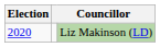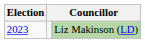 <table class="wikitable">
 <tr>
 <th>Election</th>
 <th colspan="2">Councillor</th>
 </tr>
 <tr>
-<td><a href='#'>2020</a></td>
+<td><a href='#'>2023</a></td>
 <td style="background-color: "></td>
 <td bgcolor="#B6D7A8">Liz Makinson (<a href='#'>LD</a>)</td>
 </tr>
 </table>
